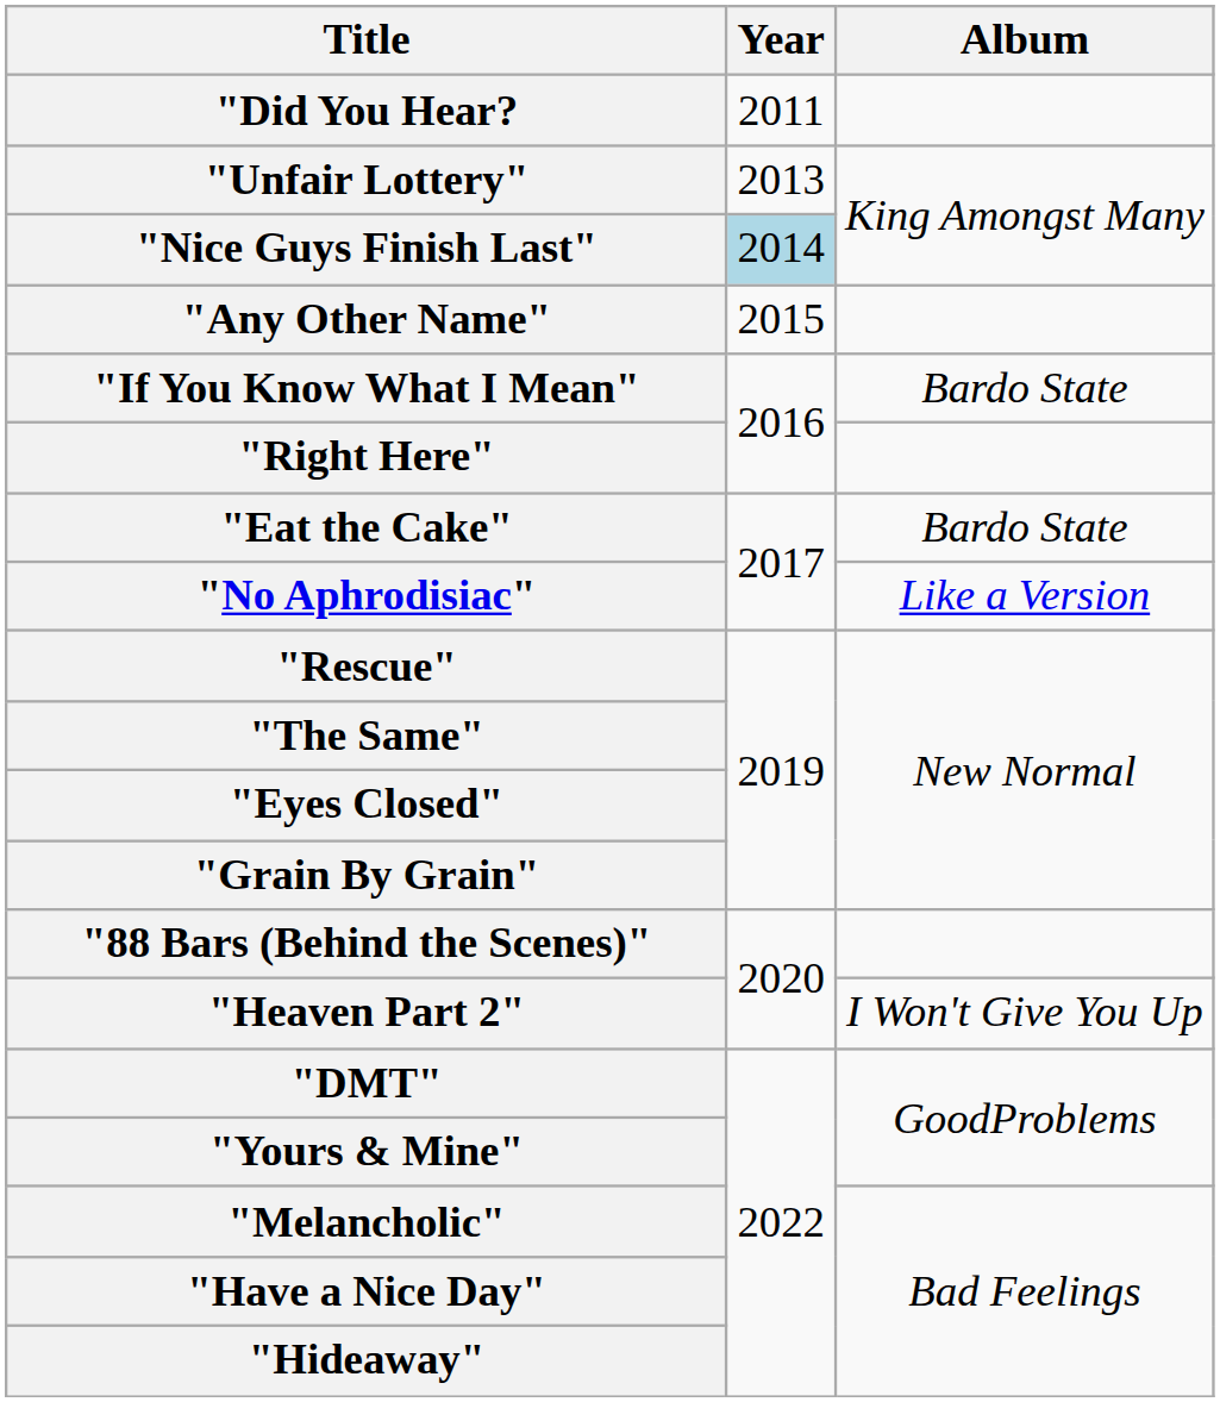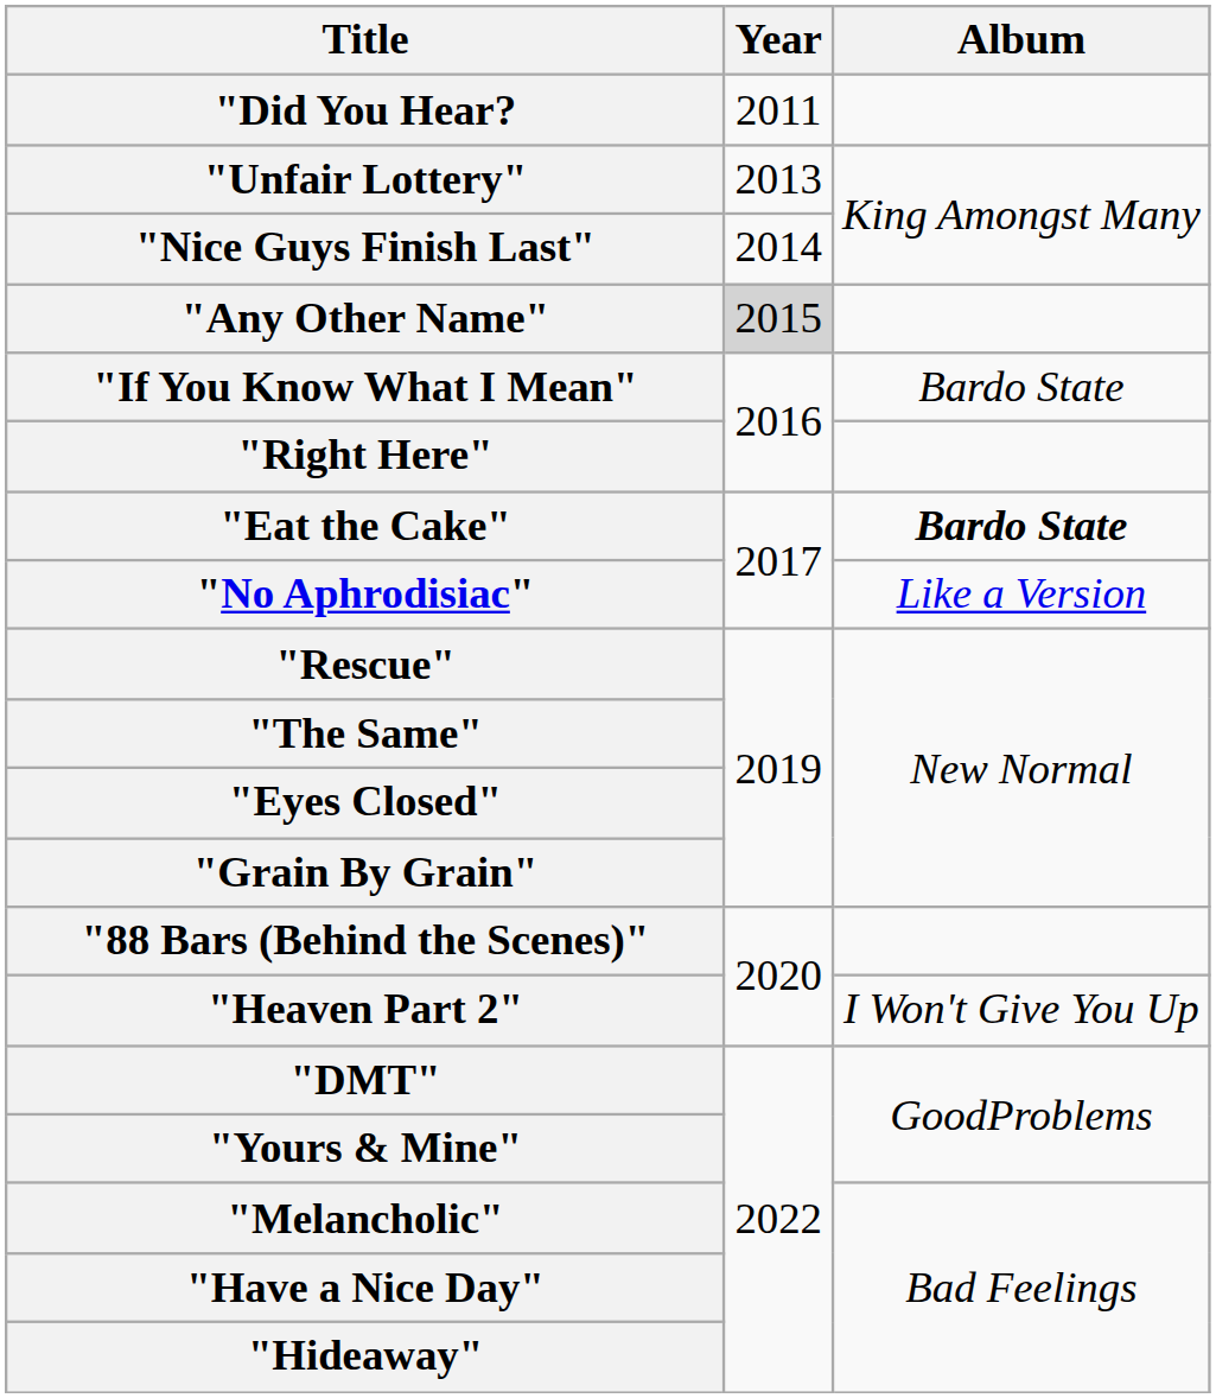 <table class="wikitable plainrowheaders" style="text-align:center;">
 <tr>
 <th style="width:16em;">Title</th>
 <th>Year</th>
 <th>Album</th>
 </tr>
 <tr>
 <th scope="row">"Did You Hear?</th>
 <td>2011</td>
 <td></td>
 </tr>
 <tr>
 <th scope="row">"Unfair Lottery"</th>
 <td>2013</td>
 <td rowspan="2"><em>King Amongst Many</em></td>
 </tr>
 <tr>
 <th scope="row">"Nice Guys Finish Last"<br></th>
-<td style="background: lightblue;">2014</td>
+<td>2014</td>
 </tr>
 <tr>
 <th scope="row">"Any Other Name"<br></th>
-<td>2015</td>
+<td style="background: lightgrey;">2015</td>
 <td></td>
 </tr>
 <tr>
 <th scope="row">"If You Know What I Mean"</th>
 <td rowspan="2">2016</td>
 <td><em>Bardo State</em></td>
 </tr>
 <tr>
 <th scope="row">"Right Here"<br></th>
 <td></td>
 </tr>
 <tr>
 <th scope="row">"Eat the Cake"</th>
 <td rowspan="2">2017</td>
-<td><em>Bardo State</em></td>
+<td><strong><em>Bardo State</em></strong></td>
 </tr>
 <tr>
 <th scope="row">"<a href='#'>No Aphrodisiac</a>" </th>
 <td><em><a href='#'>Like a Version</a></em></td>
 </tr>
 <tr>
 <th scope="row">"Rescue"</th>
 <td rowspan="4">2019</td>
 <td rowspan="4"><em>New Normal</em></td>
 </tr>
 <tr>
 <th scope="row">"The Same"<br></th>
 </tr>
 <tr>
 <th scope="row">"Eyes Closed"</th>
 </tr>
 <tr>
 <th scope="row">"Grain By Grain"</th>
 </tr>
 <tr>
 <th scope="row">"88 Bars (Behind the Scenes)"</th>
 <td rowspan="2">2020</td>
 <td></td>
 </tr>
 <tr>
 <th scope="row">"Heaven Part 2"<br></th>
 <td><em>I Won't Give You Up</em></td>
 </tr>
 <tr>
 <th scope="row">"DMT"</th>
 <td rowspan="5">2022</td>
 <td rowspan="2"><em>GoodProblems</em></td>
 </tr>
 <tr>
 <th scope="row">"Yours & Mine"</th>
 </tr>
 <tr>
 <th scope="row">"Melancholic"<br> </th>
 <td rowspan="3"><em>Bad Feelings</em></td>
 </tr>
 <tr>
 <th scope="row">"Have a Nice Day"<br> </th>
 </tr>
 <tr>
 <th scope="row">"Hideaway"<br> </th>
 </tr>
 </table>
